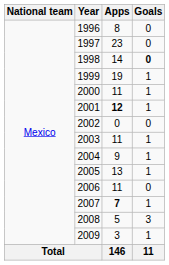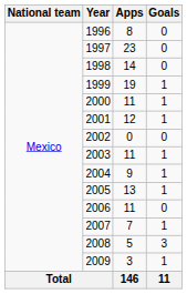 <table class="wikitable" style="text-align:center">
 <tr>
 <th>National team</th>
 <th>Year</th>
 <th>Apps</th>
 <th>Goals</th>
 </tr>
 <tr>
 <td rowspan="14"><a href='#'>Mexico</a></td>
 <td>1996</td>
 <td>8</td>
 <td>0</td>
 </tr>
 <tr>
 <td>1997</td>
 <td>23</td>
 <td>0</td>
 </tr>
 <tr>
 <td>1998</td>
 <td>14</td>
-<td><strong>0</strong></td>
+<td>0</td>
 </tr>
 <tr>
 <td>1999</td>
 <td>19</td>
 <td>1</td>
 </tr>
 <tr>
 <td>2000</td>
 <td>11</td>
 <td>1</td>
 </tr>
 <tr>
 <td>2001</td>
-<td><strong>12</strong></td>
+<td>12</td>
 <td>1</td>
 </tr>
 <tr>
 <td>2002</td>
 <td>0</td>
 <td>0</td>
 </tr>
 <tr>
 <td>2003</td>
 <td>11</td>
 <td>1</td>
 </tr>
 <tr>
 <td>2004</td>
 <td>9</td>
 <td>1</td>
 </tr>
 <tr>
 <td>2005</td>
 <td>13</td>
 <td>1</td>
 </tr>
 <tr>
 <td>2006</td>
 <td>11</td>
 <td>0</td>
 </tr>
 <tr>
 <td>2007</td>
-<td><strong>7</strong></td>
+<td>7</td>
 <td>1</td>
 </tr>
 <tr>
 <td>2008</td>
 <td>5</td>
 <td>3</td>
 </tr>
 <tr>
 <td>2009</td>
 <td>3</td>
 <td>1</td>
 </tr>
 <tr>
 <th colspan="2">Total</th>
 <th>146</th>
 <th>11</th>
 </tr>
 </table>
